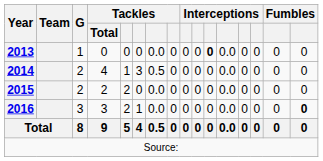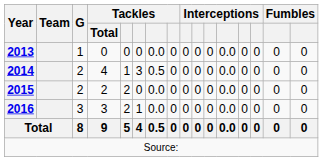 <table class="wikitable" style="text-align: center;">
 <tr>
 <th rowspan=2>Year</th>
 <th rowspan=2>Team</th>
 <th rowspan=2>G</th>
 <th colspan=5>Tackles</th>
 <th colspan=6>Interceptions</th>
 <th colspan=2>Fumbles</th>
 </tr>
 <tr>
 <th>Total</th>
 <th></th>
 <th></th>
 <th></th>
 <th></th>
 <th></th>
 <th></th>
 <th></th>
 <th></th>
 <th></th>
 <th></th>
 <th></th>
 <th></th>
 </tr>
 <tr>
 <th><a href='#'>2013</a></th>
 <th></th>
 <td>1</td>
 <td>0</td>
 <td>0</td>
 <td>0</td>
 <td>0.0</td>
 <td>0</td>
 <td>0</td>
 <td>0</td>
-<td><strong>0</strong></td>
+<td>0</td>
 <td>0.0</td>
 <td>0</td>
 <td>0</td>
 <td>0</td>
 <td>0</td>
 </tr>
 <tr>
 <th><a href='#'>2014</a></th>
 <th></th>
 <td>2</td>
 <td>4</td>
 <td>1</td>
 <td>3</td>
 <td>0.5</td>
 <td>0</td>
 <td>0</td>
 <td>0</td>
 <td>0</td>
 <td>0.0</td>
 <td>0</td>
 <td>0</td>
 <td>0</td>
 <td>0</td>
 </tr>
 <tr>
 <th><a href='#'>2015</a></th>
 <th></th>
 <td>2</td>
 <td>2</td>
 <td>2</td>
 <td>0</td>
 <td>0.0</td>
 <td>0</td>
 <td>0</td>
 <td>0</td>
 <td>0</td>
 <td>0.0</td>
 <td>0</td>
 <td>0</td>
 <td>0</td>
 <td>0</td>
 </tr>
 <tr>
 <th><a href='#'>2016</a></th>
 <th></th>
 <td>3</td>
 <td>3</td>
 <td>2</td>
 <td>1</td>
 <td>0.0</td>
 <td>0</td>
 <td>0</td>
 <td>0</td>
 <td>0</td>
 <td>0.0</td>
 <td>0</td>
 <td>0</td>
 <td>0</td>
-<td><strong>0</strong></td>
+<td>0</td>
 </tr>
 <tr>
 <th colspan=2>Total</th>
 <th>8</th>
 <th>9</th>
 <th>5</th>
 <th>4</th>
 <th>0.5</th>
 <th>0</th>
 <th>0</th>
 <th>0</th>
 <th>0</th>
 <th>0.0</th>
 <th>0</th>
 <th>0</th>
 <th>0</th>
 <th>0</th>
 </tr>
 <tr>
 <td colspan="16"><small>Source: </small></td>
 </tr>
 </table>
